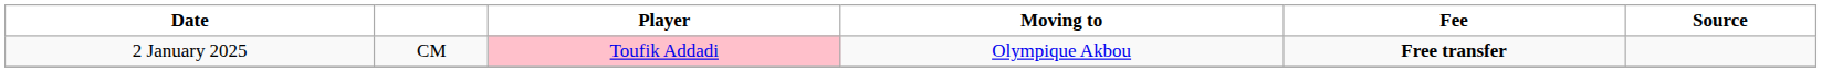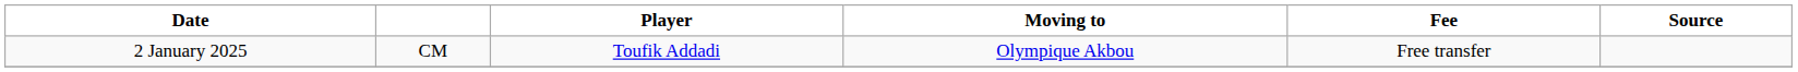 <table class="wikitable sortable" style="width:70%; text-align:center; font-size:90%; text-align:centre;">
 <tr>
 <th style="background:white; color:black; text-align:center;">Date</th>
 <th style="background:white; color:black; text-align:center;"></th>
 <th style="background:white; color:black; text-align:center;">Player</th>
 <th style="background:white; color:black; text-align:center;">Moving to</th>
 <th style="background:white; color:black; text-align:center;">Fee</th>
 <th style="background:white; color:black; text-align:center;">Source</th>
 </tr>
 <tr>
 <td>2 January 2025</td>
 <td>CM</td>
-<td style="background: pink;"> <a href='#'>Toufik Addadi</a></td>
+<td> <a href='#'>Toufik Addadi</a></td>
 <td> <a href='#'>Olympique Akbou</a></td>
-<td><strong>Free transfer</strong></td>
+<td>Free transfer</td>
 <td></td>
 </tr>
 <tr>
 </tr>
 </table>
